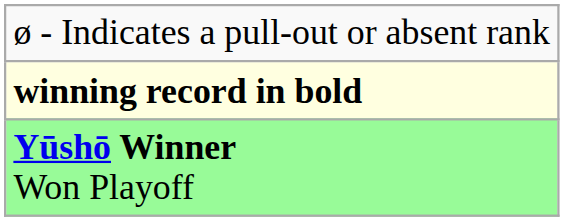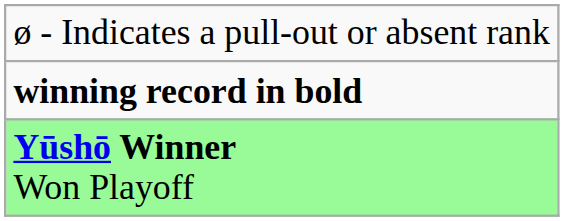 <table class="wikitable">
 <tr>
 <td>ø - Indicates a pull-out or absent rank</td>
 </tr>
 <tr>
-<td style="background: lightyellow;"><strong>winning record in bold</strong></td>
+<td><strong>winning record in bold</strong></td>
 </tr>
 <tr>
 <td style="background: PaleGreen;"><strong><a href='#'>Yūshō</a> Winner</strong><br>Won Playoff</td>
 </tr>
 </table>
